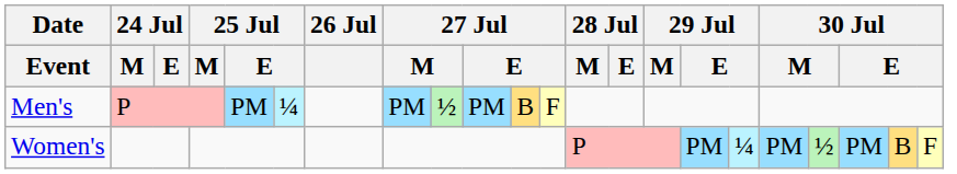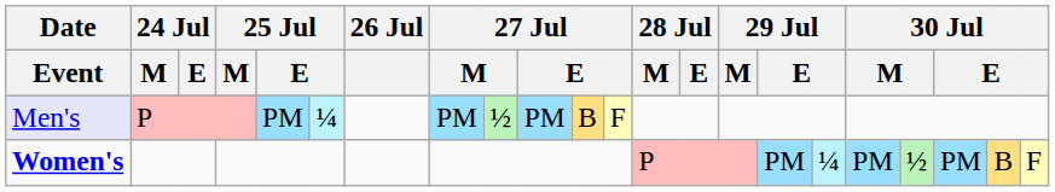 <table class="wikitable olympic-schedule Rugby Sevens">
 <tr>
 <th>Date</th>
 <th colspan="2">24 Jul</th>
 <th colspan="3">25 Jul</th>
 <th>26 Jul</th>
 <th colspan="5">27 Jul</th>
 <th colspan="2">28 Jul</th>
 <th colspan="3">29 Jul</th>
 <th colspan="7">30 Jul</th>
 </tr>
 <tr>
 <th>Event</th>
 <th>M</th>
 <th>E</th>
 <th>M</th>
 <th colspan="2">E</th>
 <th></th>
 <th colspan="2">M</th>
 <th colspan="3">E</th>
 <th>M</th>
 <th>E</th>
 <th>M</th>
 <th colspan="2">E</th>
 <th colspan="2">M</th>
 <th colspan="4">E</th>
 </tr>
 <tr>
-<td class="event"><a href='#'>Men's</a></td>
+<td class="event" style="background: lavender;"><a href='#'>Men's</a></td>
 <td colspan="3" bgcolor="#FFBBBB" class="pool stage">P</td>
 <td bgcolor="#97DEFF" class="placingmatches">PM</td>
 <td bgcolor="#BBF3FF" class="quarterfinals">¼</td>
 <td></td>
 <td bgcolor="#97DEFF" class="placingmatches">PM</td>
 <td bgcolor="#BBF3BB" class="semifinal">½</td>
 <td bgcolor="#97DEFF" class="placingmatches">PM</td>
 <td style="background-color:#FFDF80;">B</td>
 <td style="background-color:#FFFFBB;">F</td>
 <td colspan="2"></td>
 <td colspan="3"></td>
 <td colspan="5"></td>
 </tr>
 <tr>
-<td class="event"><a href='#'>Women's</a></td>
+<td class="event"><strong><a href='#'>Women's</a></strong></td>
 <td colspan="2"></td>
 <td colspan="3"></td>
 <td></td>
 <td colspan="5"></td>
 <td colspan="3" bgcolor="#FFBBBB" class="pool stage">P</td>
 <td bgcolor="#97DEFF" class="placingmatches">PM</td>
 <td bgcolor="#BBF3FF" class="quarterfinals">¼</td>
 <td bgcolor="#97DEFF" class="placingmatches">PM</td>
 <td bgcolor="#BBF3BB" class="semifinal">½</td>
 <td bgcolor="#97DEFF" class="placingmatches">PM</td>
 <td style="background-color:#FFDF80;">B</td>
 <td style="background-color:#FFFFBB;">F</td>
 </tr>
 </table>
